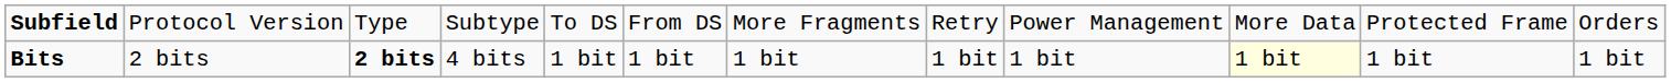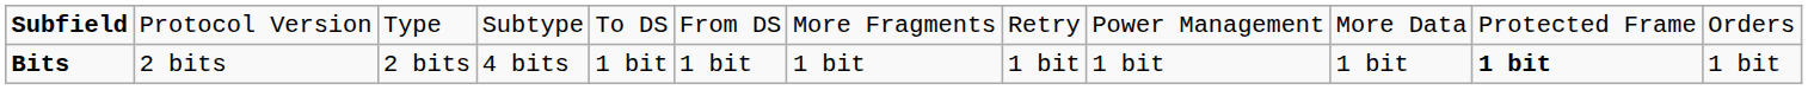 <table class="wikitable">
 <tr>
 <td><strong>Subfield</strong></td>
 <td>Protocol Version</td>
 <td>Type</td>
 <td>Subtype</td>
 <td>To DS</td>
 <td>From DS</td>
 <td>More Fragments</td>
 <td>Retry</td>
 <td>Power Management</td>
 <td>More Data</td>
 <td>Protected Frame</td>
 <td>Orders</td>
 </tr>
 <tr>
 <td><strong>Bits</strong></td>
 <td>2 bits</td>
-<td><strong>2 bits</strong></td>
+<td>2 bits</td>
 <td>4 bits</td>
 <td>1 bit</td>
 <td>1 bit</td>
 <td>1 bit</td>
 <td>1 bit</td>
 <td>1 bit</td>
-<td style="background: lightyellow;">1 bit</td>
 <td>1 bit</td>
+<td><strong>1 bit</strong></td>
 <td>1 bit</td>
 </tr>
 </table>
